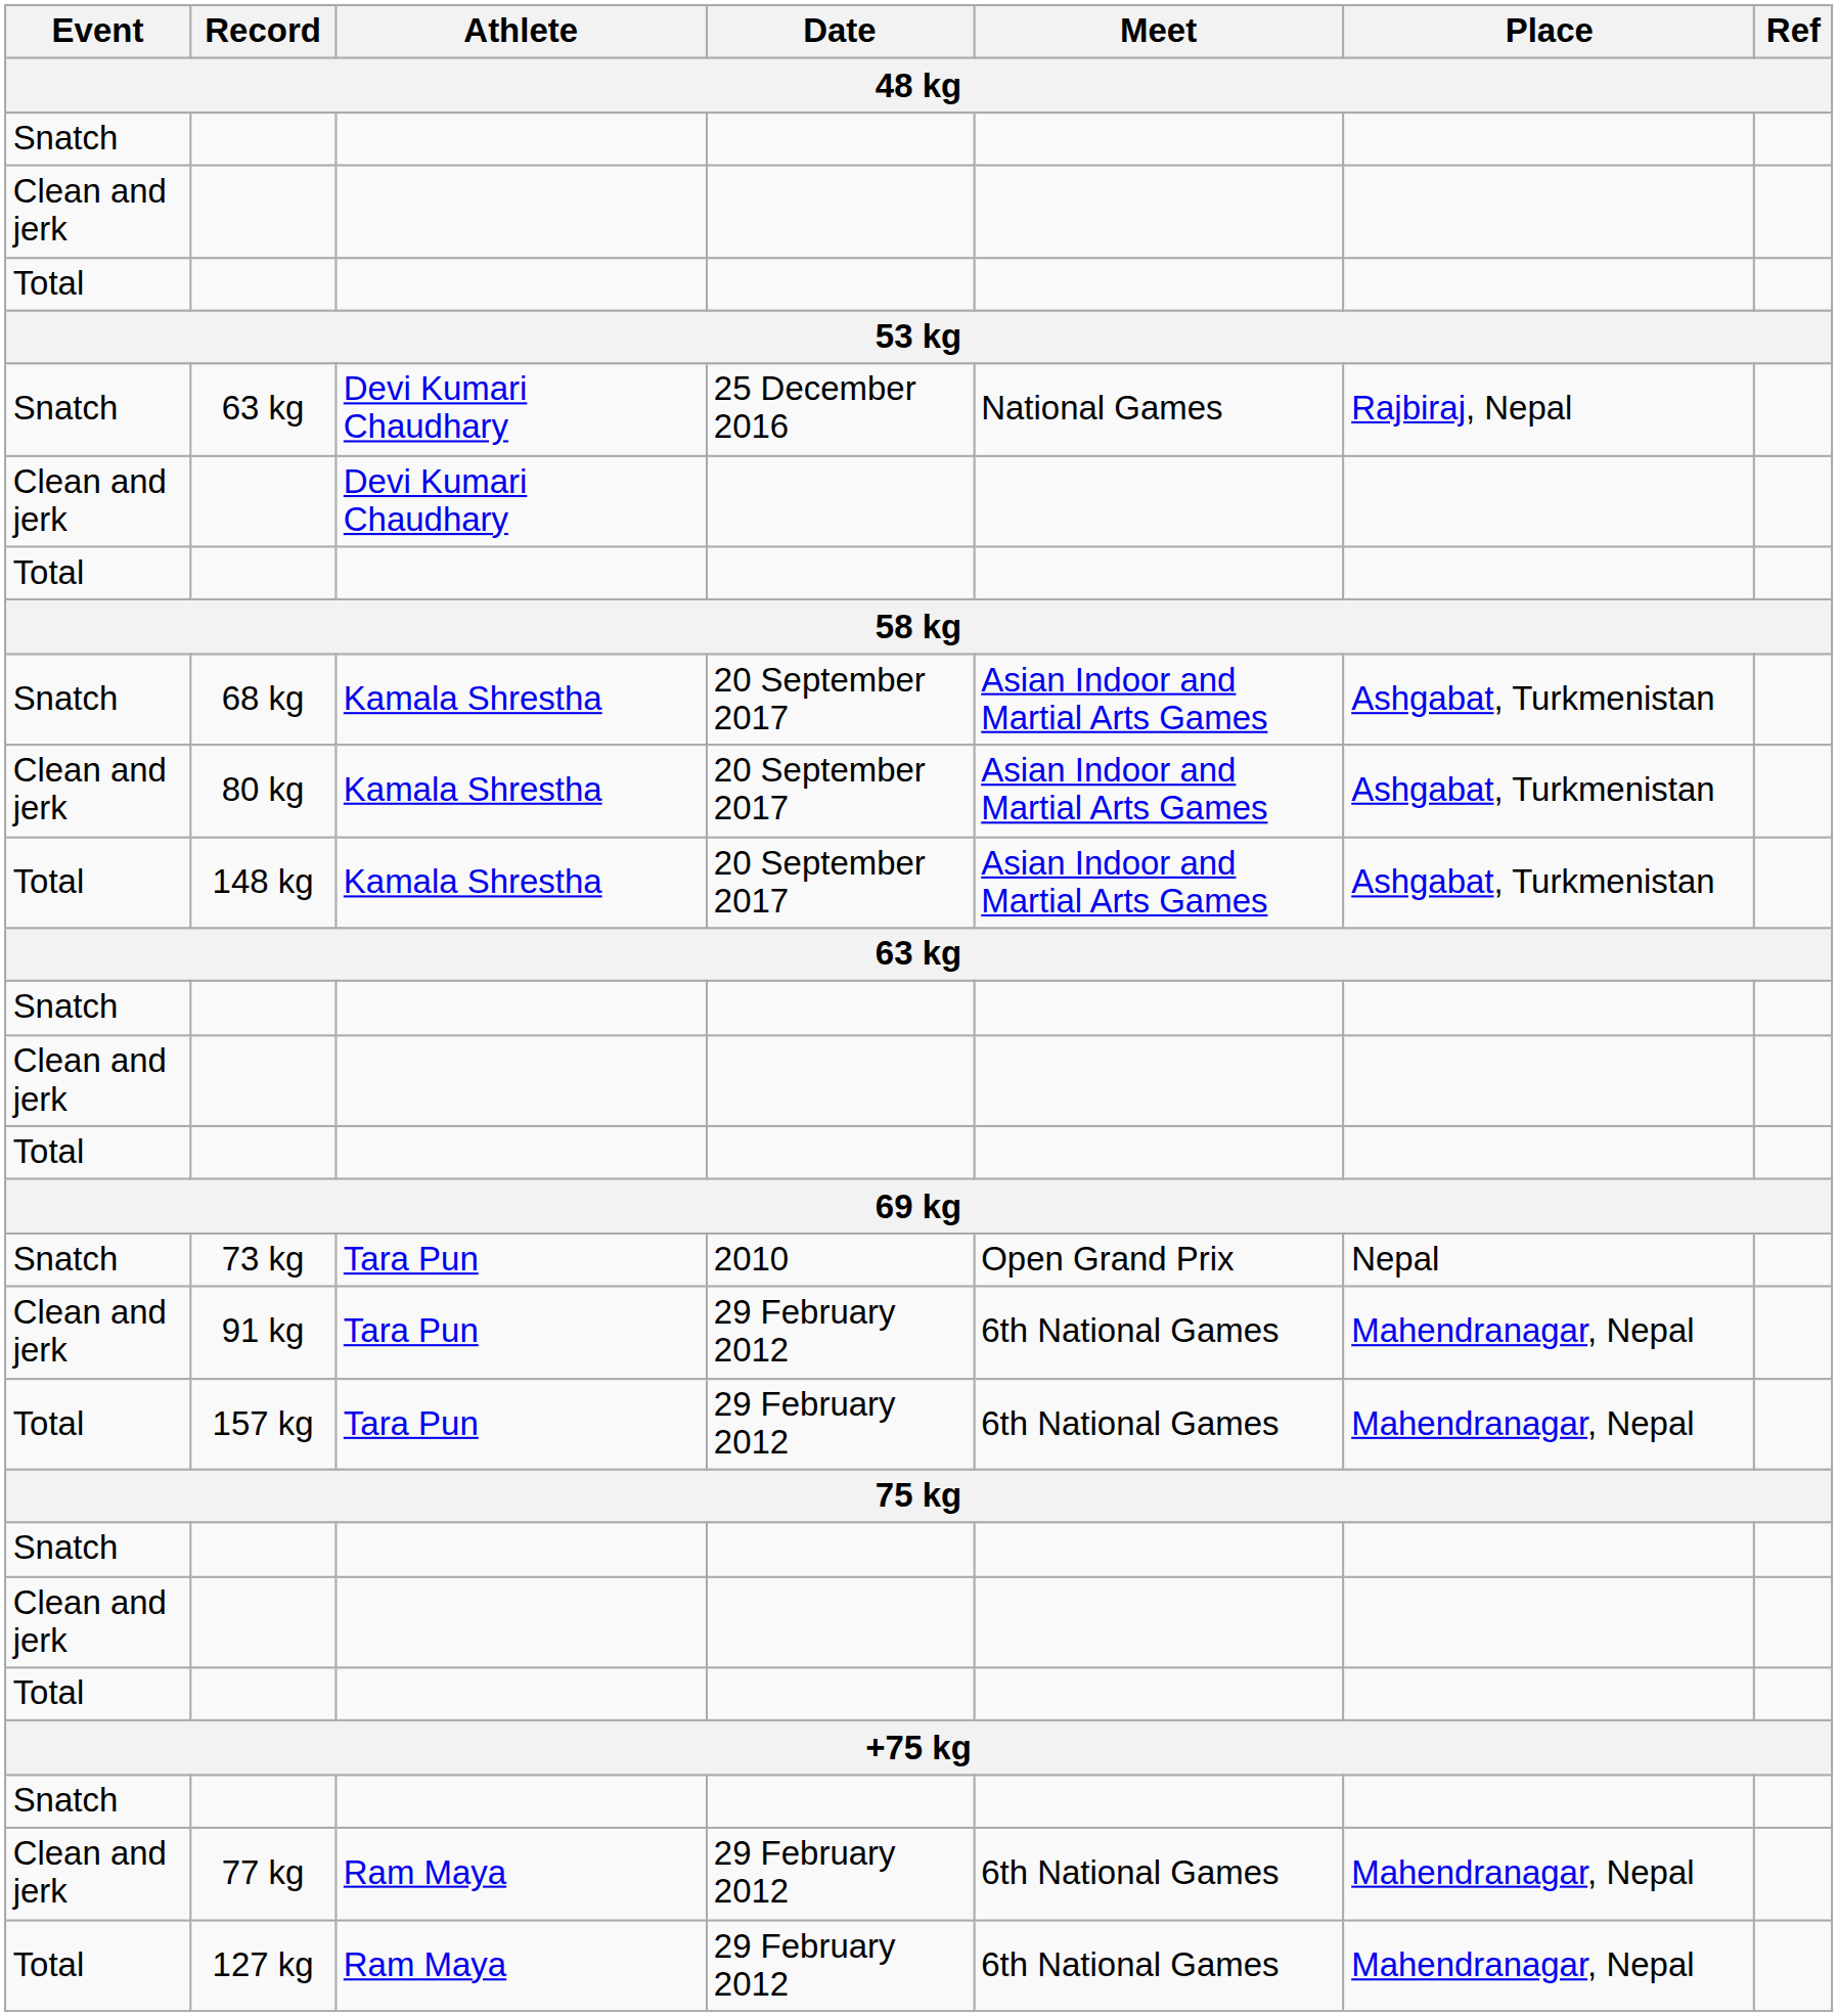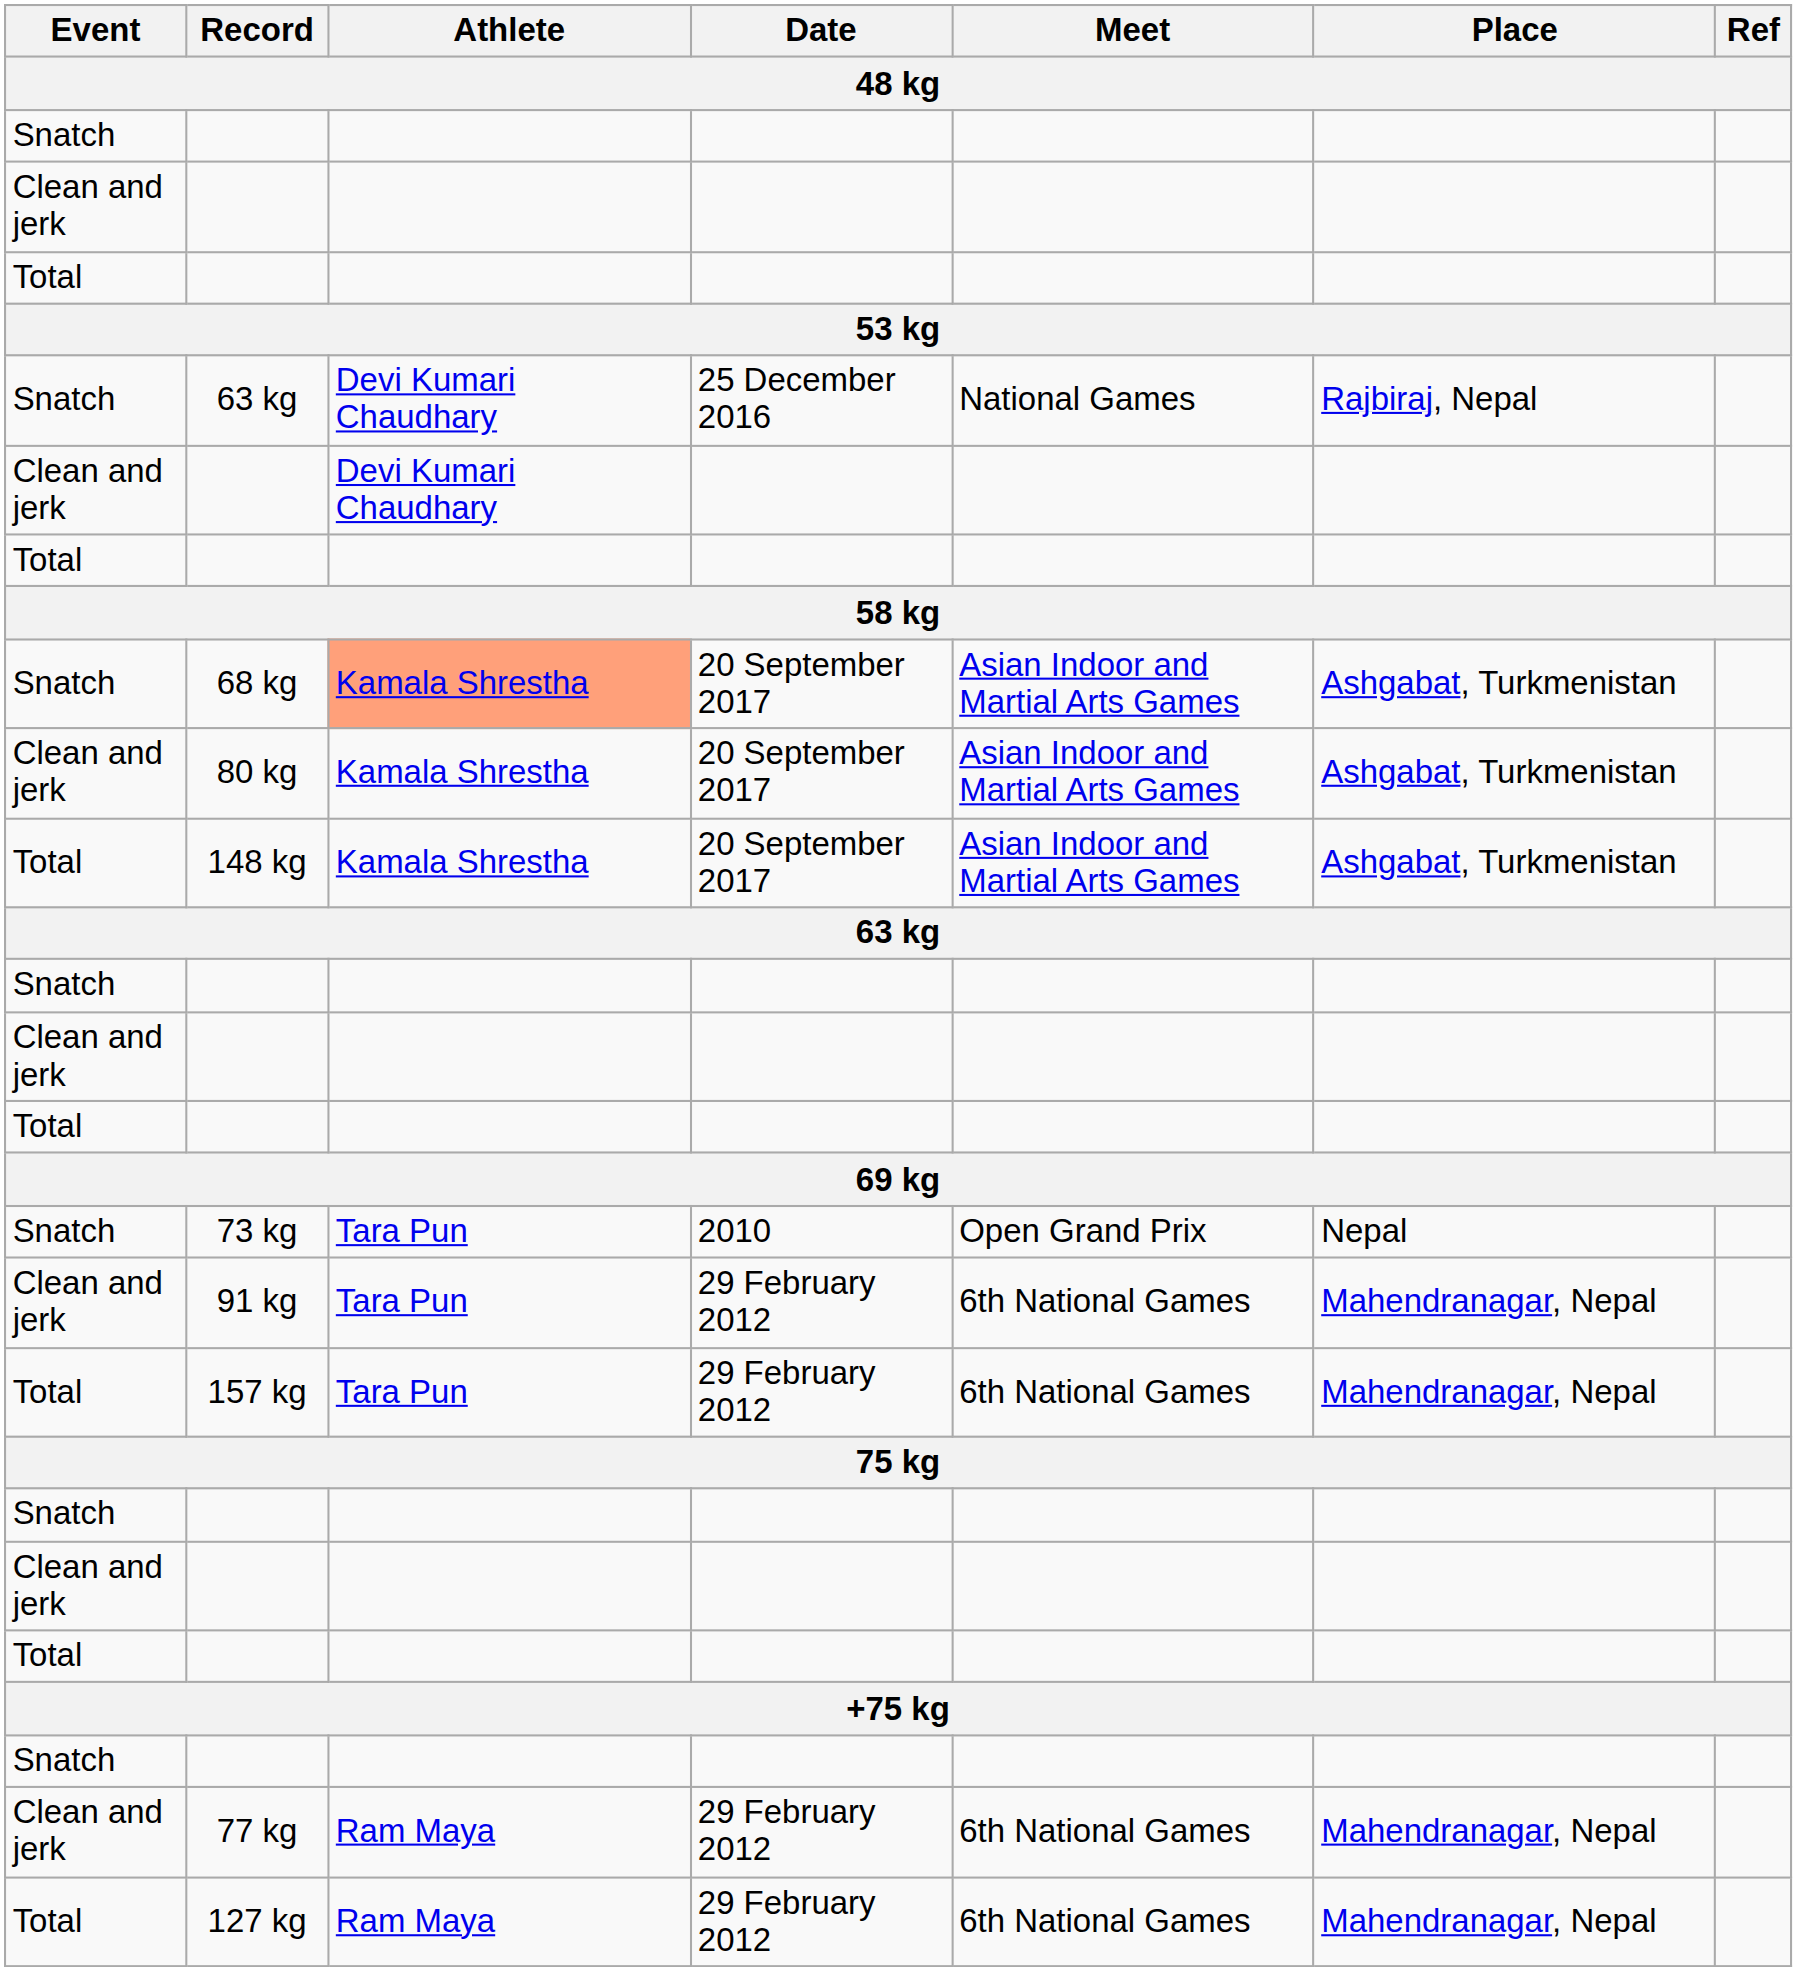 <table class="wikitable">
 <tr>
 <th width=9%>Event</th>
 <th width=6%>Record</th>
 <th width=18%>Athlete</th>
 <th width=13%>Date</th>
 <th width=18%>Meet</th>
 <th width=20%>Place</th>
 <th width=3%>Ref</th>
 </tr>
 <tr bgcolor="#DDDDDD">
 <th colspan="8">48 kg</th>
 </tr>
 <tr>
 <td>Snatch</td>
 <td></td>
 <td></td>
 <td></td>
 <td></td>
 <td></td>
 <td></td>
 </tr>
 <tr>
 <td>Clean and jerk</td>
 <td></td>
 <td></td>
 <td></td>
 <td></td>
 <td></td>
 <td></td>
 </tr>
 <tr>
 <td>Total</td>
 <td></td>
 <td></td>
 <td></td>
 <td></td>
 <td></td>
 <td></td>
 </tr>
 <tr bgcolor="#DDDDDD">
 <th colspan="8">53 kg</th>
 </tr>
 <tr>
 <td>Snatch</td>
 <td align="center">63 kg</td>
 <td><a href='#'>Devi Kumari Chaudhary</a></td>
 <td>25 December 2016</td>
 <td>National Games</td>
 <td> <a href='#'>Rajbiraj</a>, Nepal</td>
 <td></td>
 </tr>
 <tr>
 <td>Clean and jerk</td>
 <td></td>
 <td><a href='#'>Devi Kumari Chaudhary</a></td>
 <td></td>
 <td></td>
 <td></td>
 <td></td>
 </tr>
 <tr>
 <td>Total</td>
 <td></td>
 <td></td>
 <td></td>
 <td></td>
 <td></td>
 <td></td>
 </tr>
 <tr bgcolor="#DDDDDD">
 <th colspan="8">58 kg</th>
 </tr>
 <tr>
 <td>Snatch</td>
 <td align="center">68 kg</td>
-<td><a href='#'>Kamala Shrestha</a></td>
+<td style="background: lightsalmon;"><a href='#'>Kamala Shrestha</a></td>
 <td>20 September 2017</td>
 <td><a href='#'>Asian Indoor and Martial Arts Games</a></td>
 <td> <a href='#'>Ashgabat</a>, Turkmenistan</td>
 <td></td>
 </tr>
 <tr>
 <td>Clean and jerk</td>
 <td align="center">80 kg</td>
 <td><a href='#'>Kamala Shrestha</a></td>
 <td>20 September 2017</td>
 <td><a href='#'>Asian Indoor and Martial Arts Games</a></td>
 <td> <a href='#'>Ashgabat</a>, Turkmenistan</td>
 <td></td>
 </tr>
 <tr>
 <td>Total</td>
 <td align="center">148 kg</td>
 <td><a href='#'>Kamala Shrestha</a></td>
 <td>20 September 2017</td>
 <td><a href='#'>Asian Indoor and Martial Arts Games</a></td>
 <td> <a href='#'>Ashgabat</a>, Turkmenistan</td>
 <td></td>
 </tr>
 <tr bgcolor="#DDDDDD">
 <th colspan="8">63 kg</th>
 </tr>
 <tr>
 <td>Snatch</td>
 <td align="center"></td>
 <td></td>
 <td></td>
 <td></td>
 <td></td>
 <td></td>
 </tr>
 <tr>
 <td>Clean and jerk</td>
 <td></td>
 <td></td>
 <td></td>
 <td></td>
 <td></td>
 <td></td>
 </tr>
 <tr>
 <td>Total</td>
 <td></td>
 <td></td>
 <td></td>
 <td></td>
 <td></td>
 <td></td>
 </tr>
 <tr bgcolor="#DDDDDD">
 <th colspan="8">69 kg</th>
 </tr>
 <tr>
 <td>Snatch</td>
 <td align="center">73 kg</td>
 <td><a href='#'>Tara Pun</a></td>
 <td>2010</td>
 <td>Open Grand Prix</td>
 <td> Nepal</td>
 <td></td>
 </tr>
 <tr>
 <td>Clean and jerk</td>
 <td align="center">91 kg</td>
 <td><a href='#'>Tara Pun</a></td>
 <td>29 February 2012</td>
 <td>6th National Games</td>
 <td> <a href='#'>Mahendranagar</a>, Nepal</td>
 <td></td>
 </tr>
 <tr>
 <td>Total</td>
 <td align="center">157 kg</td>
 <td><a href='#'>Tara Pun</a></td>
 <td>29 February 2012</td>
 <td>6th National Games</td>
 <td> <a href='#'>Mahendranagar</a>, Nepal</td>
 <td></td>
 </tr>
 <tr bgcolor="#DDDDDD">
 <th colspan="8">75 kg</th>
 </tr>
 <tr>
 <td>Snatch</td>
 <td></td>
 <td></td>
 <td></td>
 <td></td>
 <td></td>
 <td></td>
 </tr>
 <tr>
 <td>Clean and jerk</td>
 <td></td>
 <td></td>
 <td></td>
 <td></td>
 <td></td>
 <td></td>
 </tr>
 <tr>
 <td>Total</td>
 <td></td>
 <td></td>
 <td></td>
 <td></td>
 <td></td>
 <td></td>
 </tr>
 <tr bgcolor="#DDDDDD">
 <th colspan="8">+75 kg</th>
 </tr>
 <tr>
 <td>Snatch</td>
 <td></td>
 <td></td>
 <td></td>
 <td></td>
 <td></td>
 <td></td>
 </tr>
 <tr>
 <td>Clean and jerk</td>
 <td align="center">77 kg</td>
 <td><a href='#'>Ram Maya</a></td>
 <td>29 February 2012</td>
 <td>6th National Games</td>
 <td> <a href='#'>Mahendranagar</a>, Nepal</td>
 <td></td>
 </tr>
 <tr>
 <td>Total</td>
 <td align="center">127 kg</td>
 <td><a href='#'>Ram Maya</a></td>
 <td>29 February 2012</td>
 <td>6th National Games</td>
 <td> <a href='#'>Mahendranagar</a>, Nepal</td>
 <td></td>
 </tr>
 </table>
